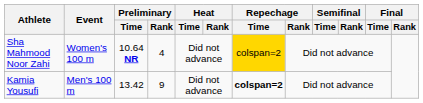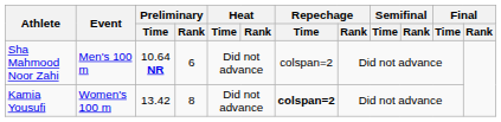 <table class="wikitable" style="font-size:90%">
 <tr>
 <th rowspan=2>Athlete</th>
 <th rowspan=2>Event</th>
 <th colspan=2>Preliminary</th>
 <th colspan=2>Heat</th>
 <th colspan=2>Repechage</th>
 <th colspan=2>Semifinal</th>
 <th colspan=2>Final</th>
 </tr>
 <tr style=font-size:95%>
 <th>Time</th>
 <th>Rank</th>
 <th>Time</th>
 <th>Rank</th>
 <th>Time</th>
 <th>Rank</th>
 <th>Time</th>
 <th>Rank</th>
 <th>Time</th>
 <th>Rank</th>
 </tr>
 <tr align=center>
 <td align=left><a href='#'>Sha Mahmood Noor Zahi</a></td>
-<td align=left><a href='#'>Women's 100 m</a></td>
+<td align=left><a href='#'>Men's 100 m</a></td>
 <td>10.64 <strong><a href='#'>NR</a></strong></td>
-<td>4</td>
+<td>6</td>
 <td colspan=2>Did not advance</td>
-<td style="background: gold;">colspan=2 </td>
+<td>colspan=2 </td>
 <td colspan=4>Did not advance</td>
 </tr>
 <tr align=center>
 <td align=left><a href='#'>Kamia Yousufi</a></td>
-<td align=left><a href='#'>Men's 100 m</a></td>
+<td align=left><a href='#'>Women's 100 m</a></td>
 <td>13.42</td>
-<td>9</td>
+<td>8</td>
 <td colspan=2>Did not advance</td>
 <td><strong>colspan=2 </strong></td>
 <td colspan=4>Did not advance</td>
 </tr>
 </table>
